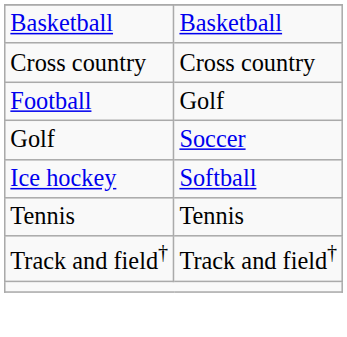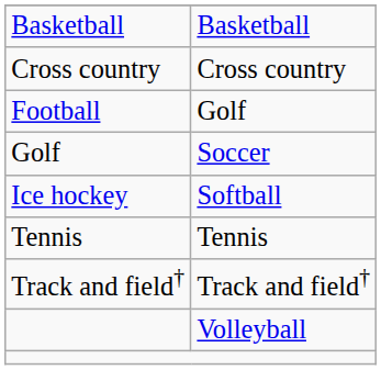 <table class="wikitable" style=" ">
 <tr>
 </tr>
 <tr>
 <td><a href='#'>Basketball</a></td>
 <td><a href='#'>Basketball</a></td>
 </tr>
 <tr>
 <td>Cross country</td>
 <td>Cross country</td>
 </tr>
 <tr>
 <td><a href='#'>Football</a></td>
 <td>Golf</td>
 </tr>
 <tr>
 <td>Golf</td>
 <td><a href='#'>Soccer</a></td>
 </tr>
 <tr>
 <td><a href='#'>Ice hockey</a></td>
 <td><a href='#'>Softball</a></td>
 </tr>
 <tr>
 <td>Tennis</td>
 <td>Tennis</td>
 </tr>
 <tr>
 <td>Track and field<sup>†</sup></td>
 <td>Track and field<sup>†</sup></td>
 </tr>
 <tr>
+<td></td>
+<td><a href='#'>Volleyball</a></td>
+</tr>
+<tr>
 <td colspan="2"></td>
 </tr>
 </table>
